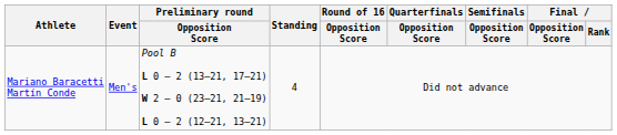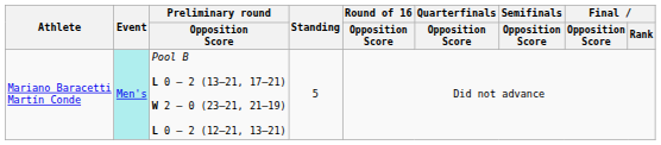 <table class=wikitable style="font-size:90%">
 <tr>
 <th rowspan="2">Athlete</th>
 <th rowspan="2">Event</th>
 <th>Preliminary round</th>
 <th rowspan="2">Standing</th>
 <th>Round of 16</th>
 <th>Quarterfinals</th>
 <th>Semifinals</th>
 <th colspan=2>Final / </th>
 </tr>
 <tr style="font-size:95%">
 <th>Opposition<br>Score</th>
 <th>Opposition<br>Score</th>
 <th>Opposition<br>Score</th>
 <th>Opposition<br>Score</th>
 <th>Opposition<br>Score</th>
 <th>Rank</th>
 </tr>
 <tr align=center>
 <td align=left><a href='#'>Mariano Baracetti</a><br><a href='#'>Martín Conde</a></td>
-<td align=left><a href='#'>Men's</a></td>
+<td align=left style="background: paleturquoise;"><a href='#'>Men's</a></td>
 <td align=left><em>Pool B</em><br><br><strong>L</strong> 0 – 2 (13–21, 17–21)<br><br><strong>W</strong> 2 – 0 (23–21, 21–19)<br><br><strong>L</strong> 0 – 2 (12–21, 13–21)</td>
-<td>4</td>
+<td>5</td>
 <td colspan=5>Did not advance</td>
 </tr>
 </table>
